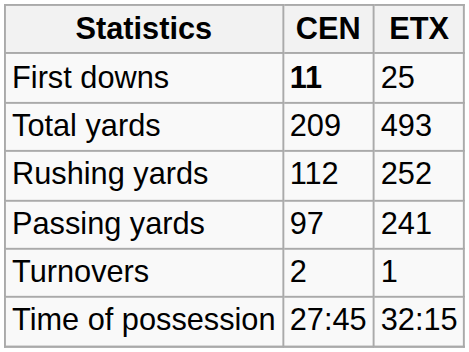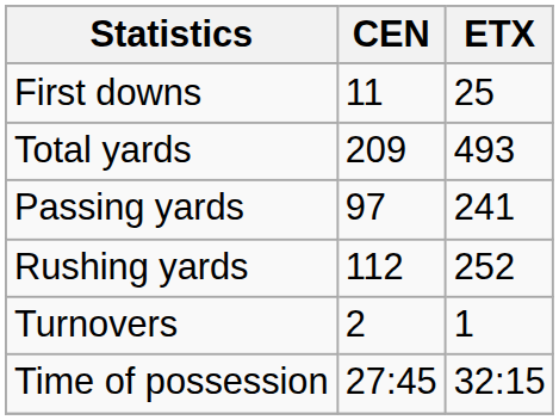 <table class="wikitable">
 <tr>
 <th>Statistics</th>
 <th>CEN</th>
 <th>ETX</th>
 </tr>
 <tr>
 <td>First downs</td>
-<td><strong>11</strong></td>
+<td>11</td>
 <td>25</td>
 </tr>
 <tr>
 <td>Total yards</td>
 <td>209</td>
 <td>493</td>
 </tr>
 <tr>
+<td>Passing yards</td>
+<td>97</td>
+<td>241</td>
+</tr>
+<tr>
 <td>Rushing yards</td>
 <td>112</td>
 <td>252</td>
-</tr>
-<tr>
-<td>Passing yards</td>
-<td>97</td>
-<td>241</td>
 </tr>
 <tr>
 <td>Turnovers</td>
 <td>2</td>
 <td>1</td>
 </tr>
 <tr>
 <td>Time of possession</td>
 <td>27:45</td>
 <td>32:15</td>
 </tr>
 <tr>
 </tr>
 </table>
